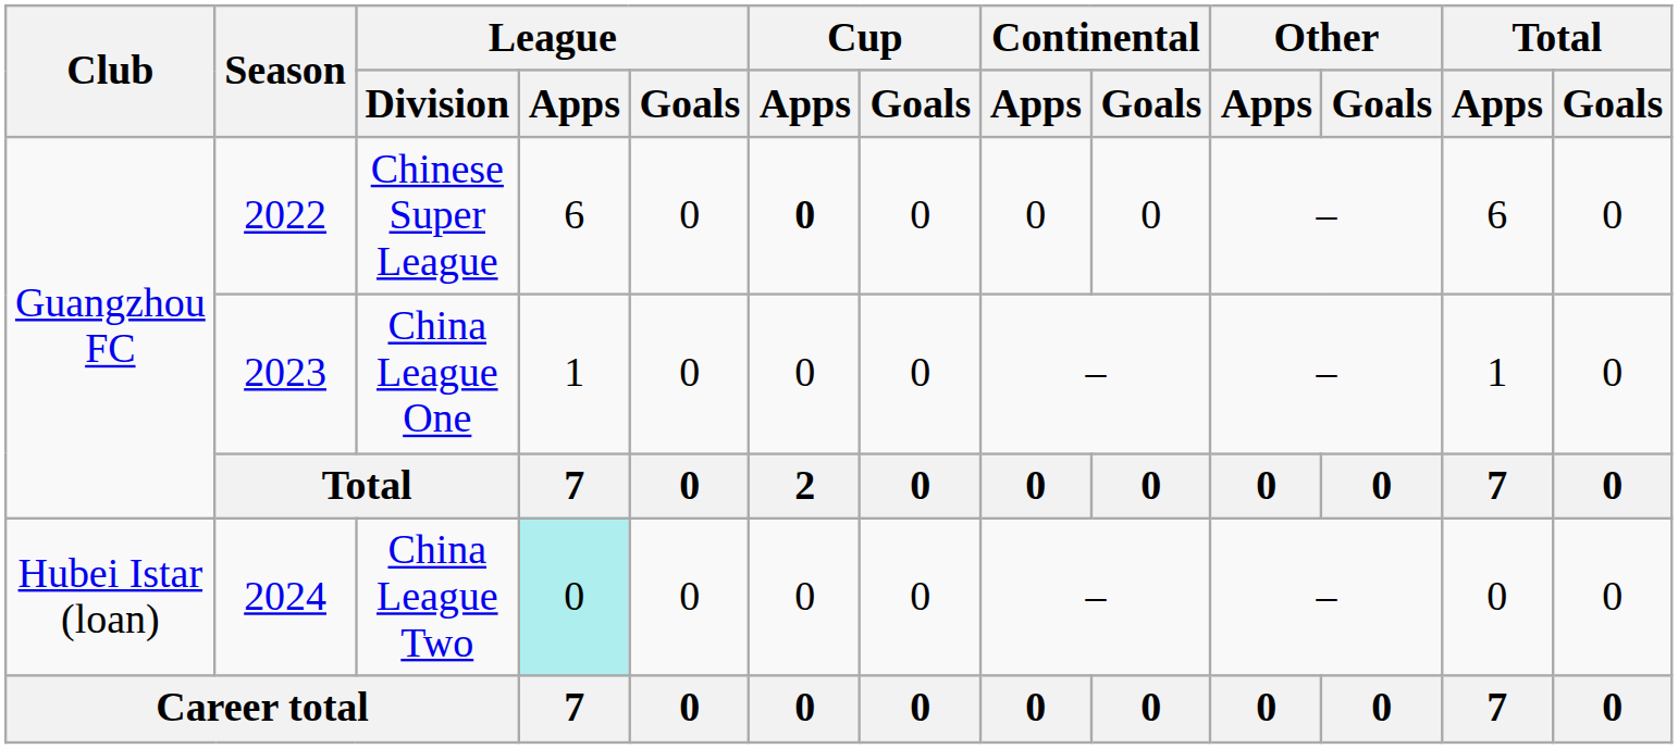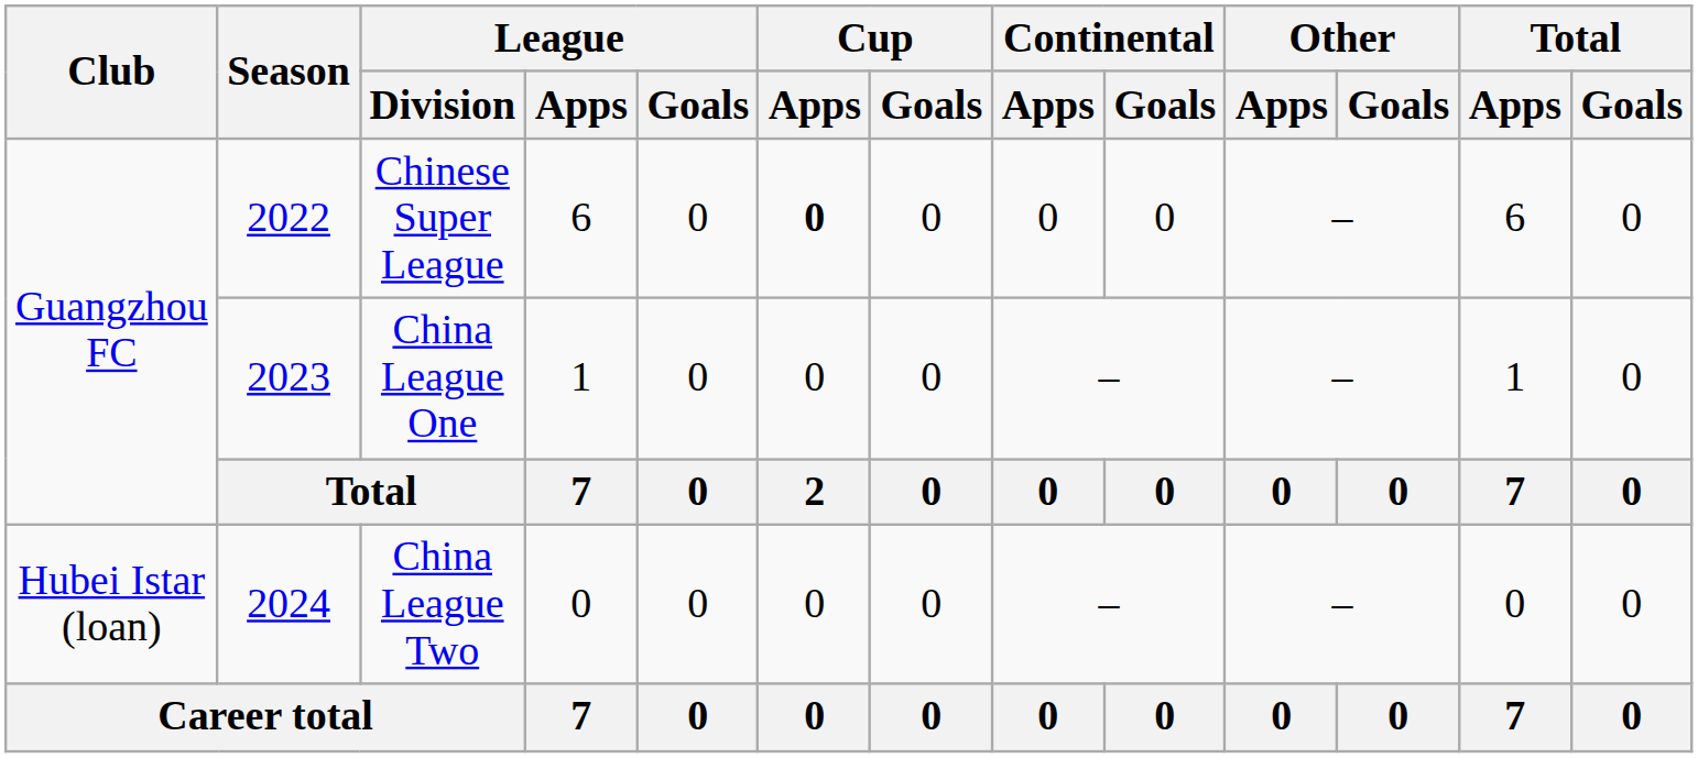 <table class="wikitable" style="text-align: center">
 <tr>
 <th rowspan="2">Club</th>
 <th rowspan="2">Season</th>
 <th colspan="3">League</th>
 <th colspan="2">Cup</th>
 <th colspan="2">Continental</th>
 <th colspan="2">Other</th>
 <th colspan="2">Total</th>
 </tr>
 <tr>
 <th>Division</th>
 <th>Apps</th>
 <th>Goals</th>
 <th>Apps</th>
 <th>Goals</th>
 <th>Apps</th>
 <th>Goals</th>
 <th>Apps</th>
 <th>Goals</th>
 <th>Apps</th>
 <th>Goals</th>
 </tr>
 <tr>
 <td rowspan=3><a href='#'>Guangzhou FC</a></td>
 <td><a href='#'>2022</a></td>
 <td><a href='#'>Chinese Super League</a></td>
 <td>6</td>
 <td>0</td>
 <td><strong>0</strong></td>
 <td>0</td>
 <td>0</td>
 <td>0</td>
 <td colspan="2">–</td>
 <td>6</td>
 <td>0</td>
 </tr>
 <tr>
 <td><a href='#'>2023</a></td>
 <td><a href='#'>China League One</a></td>
 <td>1</td>
 <td>0</td>
 <td>0</td>
 <td>0</td>
 <td colspan="2">–</td>
 <td colspan="2">–</td>
 <td>1</td>
 <td>0</td>
 </tr>
 <tr>
 <th colspan=2>Total</th>
 <th>7</th>
 <th>0</th>
 <th>2</th>
 <th>0</th>
 <th>0</th>
 <th>0</th>
 <th>0</th>
 <th>0</th>
 <th>7</th>
 <th>0</th>
 </tr>
 <tr>
 <td><a href='#'>Hubei Istar</a> (loan)</td>
 <td><a href='#'>2024</a></td>
 <td><a href='#'>China League Two</a></td>
-<td style="background: paleturquoise;">0</td>
+<td>0</td>
 <td>0</td>
 <td>0</td>
 <td>0</td>
 <td colspan="2">–</td>
 <td colspan="2">–</td>
 <td>0</td>
 <td>0</td>
 </tr>
 <tr>
 <th colspan=3>Career total</th>
 <th>7</th>
 <th>0</th>
 <th>0</th>
 <th>0</th>
 <th>0</th>
 <th>0</th>
 <th>0</th>
 <th>0</th>
 <th>7</th>
 <th>0</th>
 </tr>
 </table>
